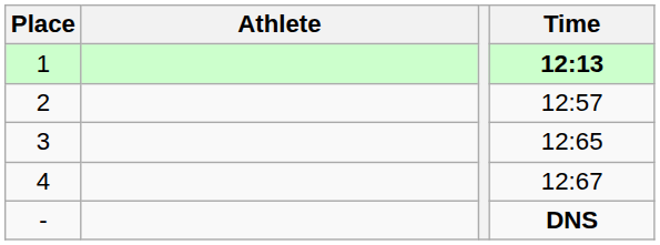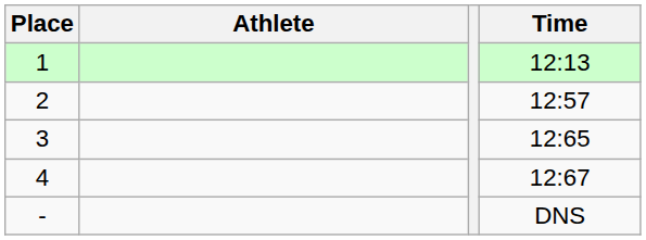 <table class="wikitable" style="text-align:center">
 <tr>
 <th>Place</th>
 <th width=250>Athlete</th>
 <th rowspan=27></th>
 <th width=100>Time</th>
 </tr>
 <tr style="background:#ccffcc;">
 <td>1</td>
 <td align=left></td>
-<td><strong>12:13</strong></td>
+<td>12:13</td>
 </tr>
 <tr>
 <td>2</td>
 <td align=left></td>
 <td>12:57</td>
 </tr>
 <tr>
 <td>3</td>
 <td align=left></td>
 <td>12:65</td>
 </tr>
 <tr>
 <td>4</td>
 <td align=left></td>
 <td>12:67</td>
 </tr>
 <tr>
 <td>-</td>
 <td align=left></td>
-<td><strong>DNS</strong></td>
+<td>DNS</td>
 </tr>
 </table>
